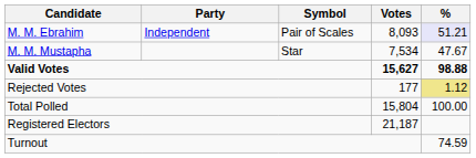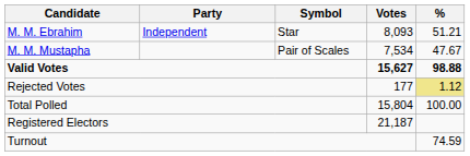 <table class="wikitable" border="1" style="text-align:right;">
 <tr>
 <th align=left width="180">Candidate</th>
 <th align=left width="180">Party</th>
 <th align=left width="120">Symbol</th>
 <th align=left width="60">Votes</th>
 <th align=left width="60">%</th>
 </tr>
 <tr>
 <td align=left><a href='#'>M. M. Ebrahim</a></td>
 <td align=left><a href='#'>Independent</a></td>
-<td align=left>Pair of Scales</td>
+<td align=left>Star</td>
 <td>8,093</td>
-<td style="background: lavender;">51.21</td>
+<td>51.21</td>
 </tr>
 <tr>
 <td align=left><a href='#'>M. M. Mustapha</a></td>
 <td></td>
-<td align=left>Star</td>
+<td align=left>Pair of Scales</td>
 <td>7,534</td>
 <td>47.67</td>
 </tr>
 <tr>
 <td align=left colspan=3><strong>Valid Votes</strong></td>
 <td><strong>15,627</strong></td>
 <td><strong>98.88</strong></td>
 </tr>
 <tr>
 <td align=left colspan=3>Rejected Votes</td>
 <td>177</td>
 <td style="background: khaki;">1.12</td>
 </tr>
 <tr>
 <td align=left colspan=3>Total Polled</td>
 <td>15,804</td>
 <td>100.00</td>
 </tr>
 <tr>
 <td align=left colspan=3>Registered Electors</td>
 <td>21,187</td>
 <td></td>
 </tr>
 <tr>
 <td align=left colspan=4>Turnout</td>
 <td>74.59</td>
 </tr>
 </table>
